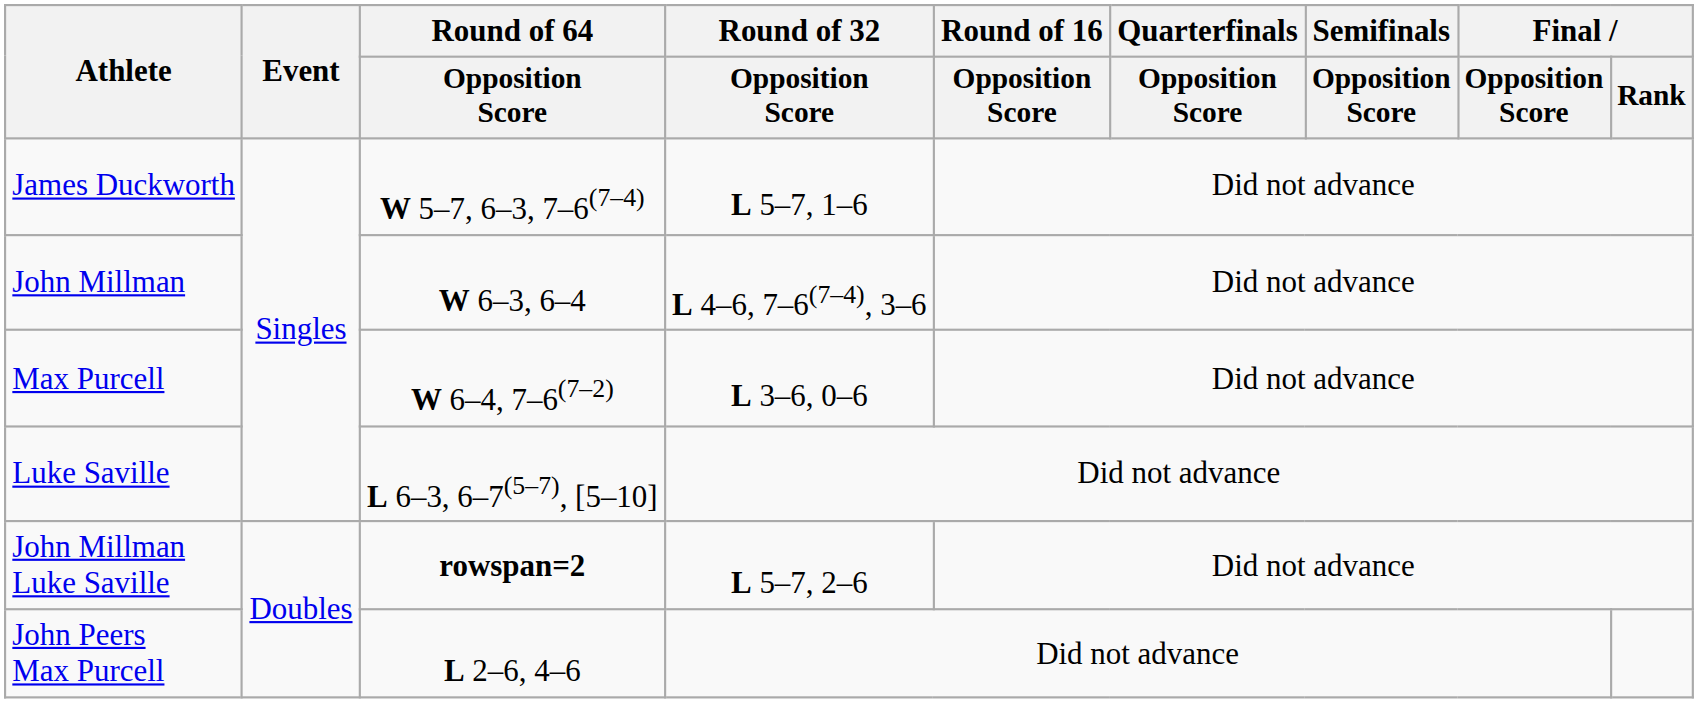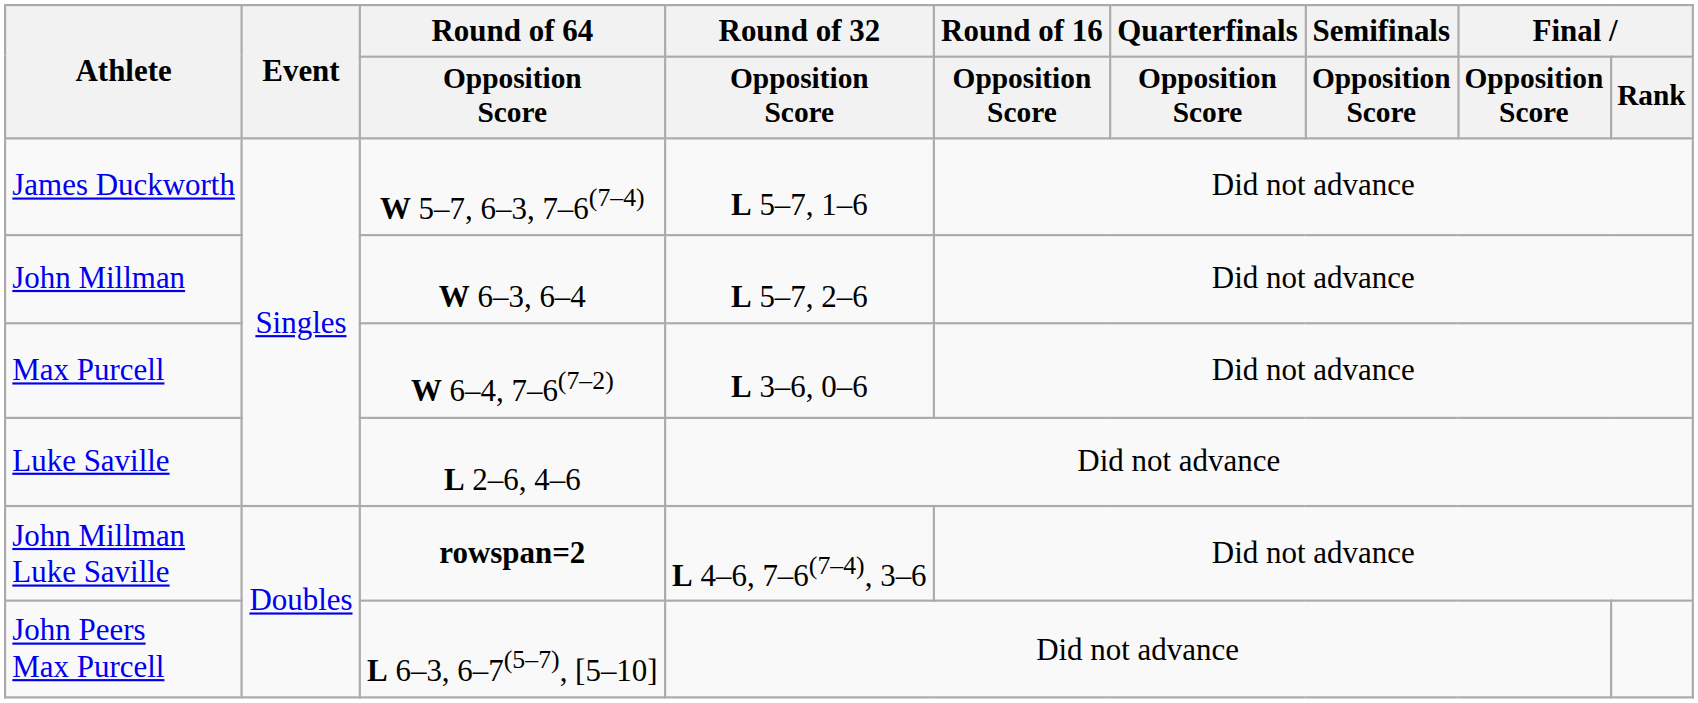 <table class=wikitable style=font-size:90%;text-align:center>
 <tr>
 <th rowspan=2>Athlete</th>
 <th rowspan=2>Event</th>
 <th>Round of 64</th>
 <th>Round of 32</th>
 <th>Round of 16</th>
 <th>Quarterfinals</th>
 <th>Semifinals</th>
 <th colspan=2>Final / </th>
 </tr>
 <tr style=font-size:95%>
 <th>Opposition<br>Score</th>
 <th>Opposition<br>Score</th>
 <th>Opposition<br>Score</th>
 <th>Opposition<br>Score</th>
 <th>Opposition<br>Score</th>
 <th>Opposition<br>Score</th>
 <th>Rank</th>
 </tr>
 <tr>
 <td align=left><a href='#'>James Duckworth</a></td>
 <td rowspan=4><a href='#'>Singles</a></td>
 <td><br><strong>W</strong> 5–7, 6–3, 7–6<sup>(7–4)</sup></td>
 <td><br><strong>L</strong> 5–7, 1–6</td>
 <td colspan=5>Did not advance</td>
 </tr>
 <tr>
 <td align=left><a href='#'>John Millman</a></td>
 <td><br><strong>W</strong> 6–3, 6–4</td>
-<td><br><strong>L</strong> 4–6, 7–6<sup>(7–4)</sup>, 3–6</td>
+<td><br><strong>L</strong> 5–7, 2–6</td>
 <td colspan=5>Did not advance</td>
 </tr>
 <tr>
 <td align=left><a href='#'>Max Purcell</a></td>
 <td><br><strong>W</strong> 6–4, 7–6<sup>(7–2)</sup></td>
 <td><br><strong>L</strong> 3–6, 0–6</td>
 <td colspan=5>Did not advance</td>
 </tr>
 <tr>
 <td align=left><a href='#'>Luke Saville</a></td>
-<td><br><strong>L</strong> 6–3, 6–7<sup>(5–7)</sup>, [5–10]</td>
+<td><br><strong>L</strong> 2–6, 4–6</td>
 <td colspan=6>Did not advance</td>
 </tr>
 <tr>
 <td align=left><a href='#'>John Millman</a><br><a href='#'>Luke Saville</a></td>
 <td align=left rowspan=2><a href='#'>Doubles</a></td>
 <td><strong>rowspan=2 </strong></td>
-<td><br><strong>L</strong> 5–7, 2–6</td>
+<td><br><strong>L</strong> 4–6, 7–6<sup>(7–4)</sup>, 3–6</td>
 <td colspan=5>Did not advance</td>
 </tr>
 <tr>
 <td align=left><a href='#'>John Peers</a><br><a href='#'>Max Purcell</a></td>
-<td><br><strong>L</strong> 2–6, 4–6</td>
+<td><br><strong>L</strong> 6–3, 6–7<sup>(5–7)</sup>, [5–10]</td>
 <td colspan=5>Did not advance</td>
 </tr>
 </table>
